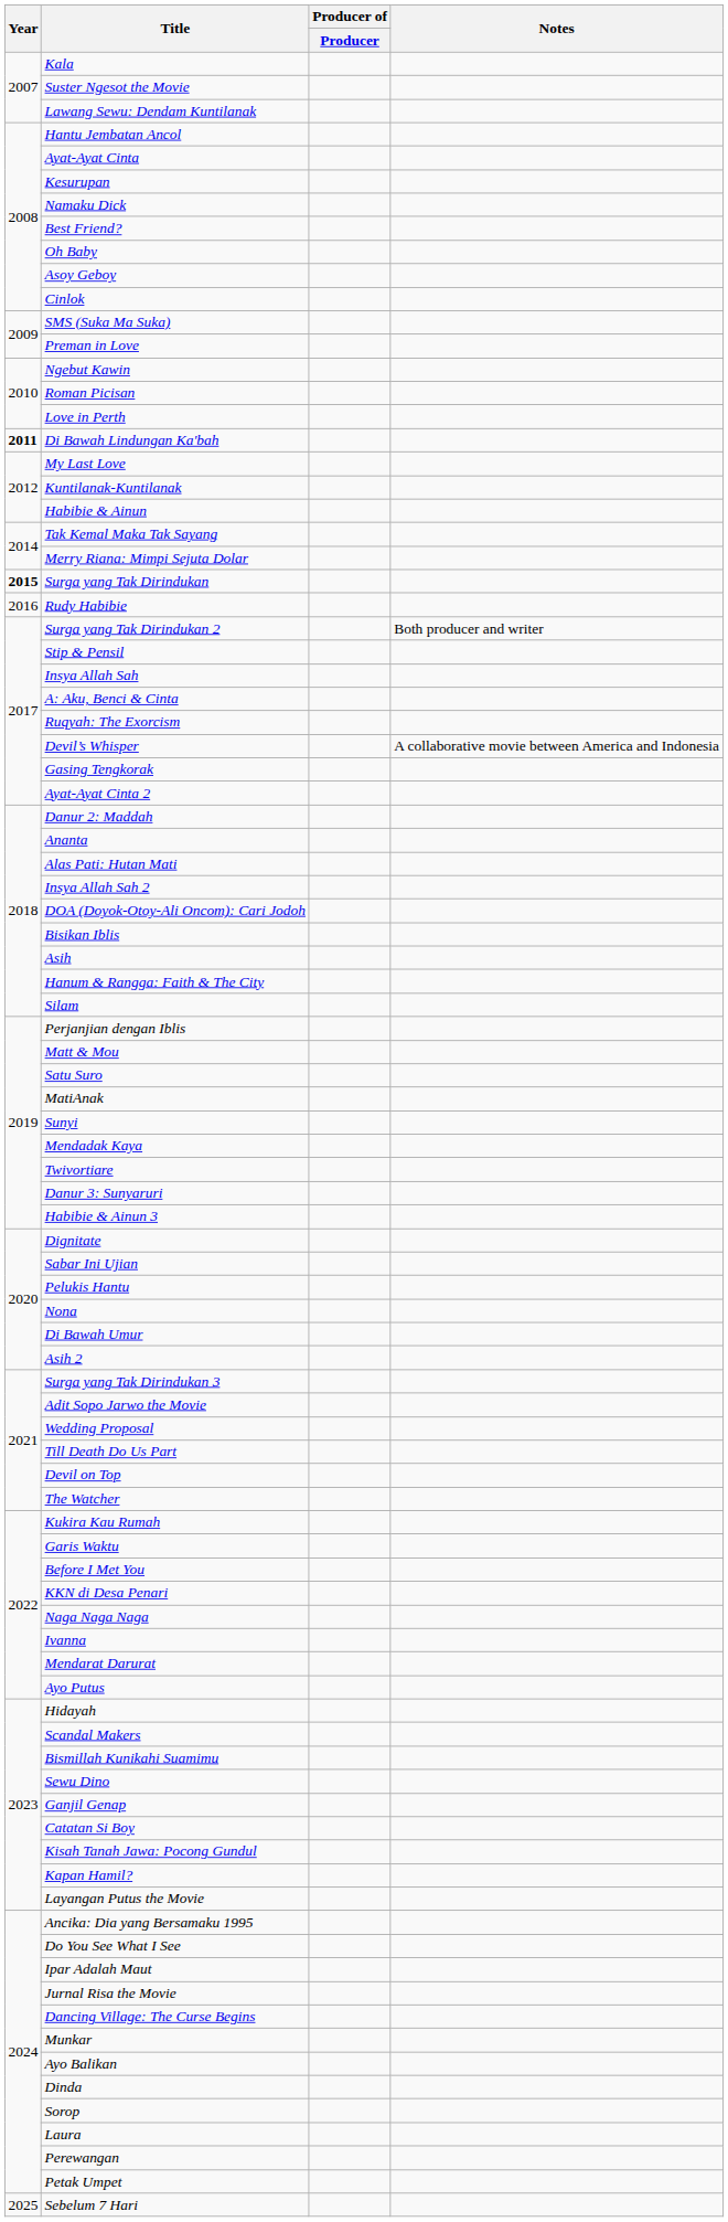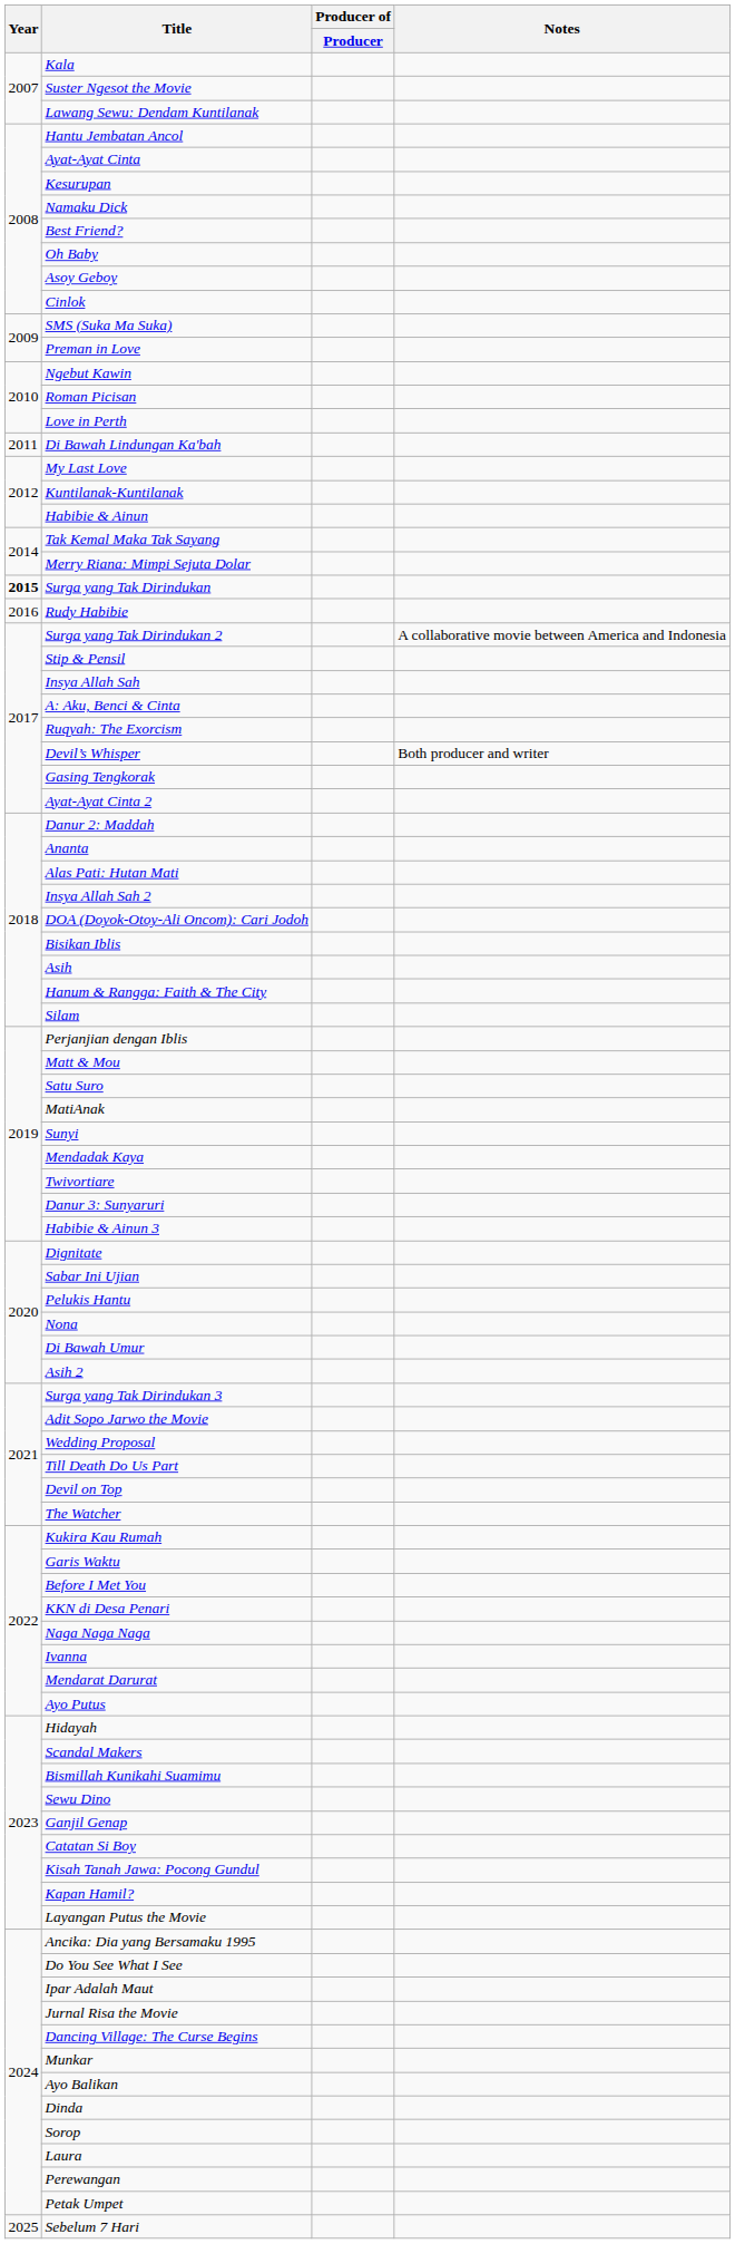 <table class="wikitable plainrowheaders sortable">
 <tr>
 <th rowspan="2" scope="col">Year</th>
 <th rowspan="2" scope="col">Title</th>
 <th scope="col">Producer of</th>
 <th rowspan="2" scope="col" class="unsortable">Notes</th>
 </tr>
 <tr>
 <th><a href='#'>Producer</a></th>
 </tr>
 <tr>
 <td rowspan="3">2007</td>
 <td><em><a href='#'>Kala</a></em></td>
 <td></td>
 <td></td>
 </tr>
 <tr>
 <td><em><a href='#'>Suster Ngesot the Movie</a></em></td>
 <td></td>
 <td></td>
 </tr>
 <tr>
 <td><em><a href='#'>Lawang Sewu: Dendam Kuntilanak</a></em></td>
 <td></td>
 <td></td>
 </tr>
 <tr>
 <td rowspan="8">2008</td>
 <td><em><a href='#'>Hantu Jembatan Ancol</a></em></td>
 <td></td>
 <td></td>
 </tr>
 <tr>
 <td><em><a href='#'>Ayat-Ayat Cinta</a></em></td>
 <td></td>
 <td></td>
 </tr>
 <tr>
 <td><em><a href='#'>Kesurupan</a></em></td>
 <td></td>
 <td></td>
 </tr>
 <tr>
 <td><em><a href='#'>Namaku Dick</a></em></td>
 <td></td>
 <td></td>
 </tr>
 <tr>
 <td><em><a href='#'>Best Friend?</a></em></td>
 <td></td>
 <td></td>
 </tr>
 <tr>
 <td><em><a href='#'>Oh Baby</a></em></td>
 <td></td>
 <td></td>
 </tr>
 <tr>
 <td><em><a href='#'>Asoy Geboy</a></em></td>
 <td></td>
 <td></td>
 </tr>
 <tr>
 <td><em><a href='#'>Cinlok</a></em></td>
 <td></td>
 <td></td>
 </tr>
 <tr>
 <td rowspan="2">2009</td>
 <td><em><a href='#'>SMS (Suka Ma Suka)</a></em></td>
 <td></td>
 <td></td>
 </tr>
 <tr>
 <td><em><a href='#'>Preman in Love</a></em></td>
 <td></td>
 <td></td>
 </tr>
 <tr>
 <td rowspan="3">2010</td>
 <td><em><a href='#'>Ngebut Kawin</a></em></td>
 <td></td>
 <td></td>
 </tr>
 <tr>
 <td><em><a href='#'>Roman Picisan</a></em></td>
 <td></td>
 <td></td>
 </tr>
 <tr>
 <td><em><a href='#'>Love in Perth</a></em></td>
 <td></td>
 <td></td>
 </tr>
 <tr>
-<td><strong>2011</strong></td>
+<td>2011</td>
 <td><em><a href='#'>Di Bawah Lindungan Ka'bah</a></em></td>
 <td></td>
 <td></td>
 </tr>
 <tr>
 <td rowspan="3">2012</td>
 <td><em><a href='#'>My Last Love</a></em></td>
 <td></td>
 <td></td>
 </tr>
 <tr>
 <td><em><a href='#'>Kuntilanak-Kuntilanak</a></em></td>
 <td></td>
 <td></td>
 </tr>
 <tr>
 <td><em><a href='#'>Habibie & Ainun</a></em></td>
 <td></td>
 <td></td>
 </tr>
 <tr>
 <td rowspan="2">2014</td>
 <td><em><a href='#'>Tak Kemal Maka Tak Sayang</a></em></td>
 <td></td>
 <td></td>
 </tr>
 <tr>
 <td><em><a href='#'>Merry Riana: Mimpi Sejuta Dolar</a></em></td>
 <td></td>
 <td></td>
 </tr>
 <tr>
 <td><strong>2015</strong></td>
 <td><em><a href='#'>Surga yang Tak Dirindukan</a></em></td>
 <td></td>
 <td></td>
 </tr>
 <tr>
 <td>2016</td>
 <td><em><a href='#'>Rudy Habibie</a></em></td>
 <td></td>
 <td></td>
 </tr>
 <tr>
 <td rowspan="8">2017</td>
 <td><em><a href='#'>Surga yang Tak Dirindukan 2</a></em></td>
 <td></td>
-<td>Both producer and writer</td>
+<td>A collaborative movie between America and Indonesia</td>
 </tr>
 <tr>
 <td><em><a href='#'>Stip & Pensil</a></em></td>
 <td></td>
 <td></td>
 </tr>
 <tr>
 <td><em><a href='#'>Insya Allah Sah</a></em></td>
 <td></td>
 <td></td>
 </tr>
 <tr>
 <td><em><a href='#'>A: Aku, Benci & Cinta</a></em></td>
 <td></td>
 <td></td>
 </tr>
 <tr>
 <td><em><a href='#'>Ruqyah: The Exorcism</a></em></td>
 <td></td>
 <td></td>
 </tr>
 <tr>
 <td><em><a href='#'>Devil’s Whisper</a></em></td>
 <td></td>
-<td>A collaborative movie between America and Indonesia</td>
+<td>Both producer and writer</td>
 </tr>
 <tr>
 <td><em><a href='#'>Gasing Tengkorak</a></em></td>
 <td></td>
 <td></td>
 </tr>
 <tr>
 <td><em><a href='#'>Ayat-Ayat Cinta 2</a></em></td>
 <td></td>
 <td></td>
 </tr>
 <tr>
 <td rowspan="9">2018</td>
 <td><em><a href='#'>Danur 2: Maddah</a></em></td>
 <td></td>
 <td></td>
 </tr>
 <tr>
 <td><em><a href='#'>Ananta</a></em></td>
 <td></td>
 <td></td>
 </tr>
 <tr>
 <td><em><a href='#'>Alas Pati: Hutan Mati</a></em></td>
 <td></td>
 <td></td>
 </tr>
 <tr>
 <td><em><a href='#'>Insya Allah Sah 2</a></em></td>
 <td></td>
 <td></td>
 </tr>
 <tr>
 <td><em><a href='#'>DOA (Doyok-Otoy-Ali Oncom): Cari Jodoh</a></em></td>
 <td></td>
 <td></td>
 </tr>
 <tr>
 <td><em><a href='#'>Bisikan Iblis</a></em></td>
 <td></td>
 <td></td>
 </tr>
 <tr>
 <td><em><a href='#'>Asih</a></em></td>
 <td></td>
 <td></td>
 </tr>
 <tr>
 <td><em><a href='#'>Hanum & Rangga: Faith & The City</a></em></td>
 <td></td>
 <td></td>
 </tr>
 <tr>
 <td><em><a href='#'>Silam</a></em></td>
 <td></td>
 <td></td>
 </tr>
 <tr>
 <td rowspan="9">2019</td>
 <td><em>Perjanjian dengan Iblis</em></td>
 <td></td>
 <td></td>
 </tr>
 <tr>
 <td><em><a href='#'>Matt & Mou</a></em></td>
 <td></td>
 <td></td>
 </tr>
 <tr>
 <td><em><a href='#'>Satu Suro</a></em></td>
 <td></td>
 <td></td>
 </tr>
 <tr>
 <td><em>MatiAnak</em></td>
 <td></td>
 <td></td>
 </tr>
 <tr>
 <td><em><a href='#'>Sunyi</a></em></td>
 <td></td>
 <td></td>
 </tr>
 <tr>
 <td><em><a href='#'>Mendadak Kaya</a></em></td>
 <td></td>
 <td></td>
 </tr>
 <tr>
 <td><em><a href='#'>Twivortiare</a></em></td>
 <td></td>
 <td></td>
 </tr>
 <tr>
 <td><em><a href='#'>Danur 3: Sunyaruri</a></em></td>
 <td></td>
 <td></td>
 </tr>
 <tr>
 <td><em><a href='#'>Habibie & Ainun 3</a></em></td>
 <td></td>
 <td></td>
 </tr>
 <tr>
 <td rowspan="6">2020</td>
 <td><em><a href='#'>Dignitate</a></em></td>
 <td></td>
 <td></td>
 </tr>
 <tr>
 <td><em><a href='#'>Sabar Ini Ujian</a></em></td>
 <td></td>
 <td></td>
 </tr>
 <tr>
 <td><em><a href='#'>Pelukis Hantu</a></em></td>
 <td></td>
 <td></td>
 </tr>
 <tr>
 <td><em><a href='#'>Nona</a></em></td>
 <td></td>
 <td></td>
 </tr>
 <tr>
 <td><em><a href='#'>Di Bawah Umur</a></em></td>
 <td></td>
 <td></td>
 </tr>
 <tr>
 <td><em><a href='#'>Asih 2</a></em></td>
 <td></td>
 <td></td>
 </tr>
 <tr>
 <td rowspan="6">2021</td>
 <td><em><a href='#'>Surga yang Tak Dirindukan 3</a></em></td>
 <td></td>
 <td></td>
 </tr>
 <tr>
 <td><em><a href='#'>Adit Sopo Jarwo the Movie</a></em></td>
 <td></td>
 <td></td>
 </tr>
 <tr>
 <td><em><a href='#'>Wedding Proposal</a></em></td>
 <td></td>
 <td></td>
 </tr>
 <tr>
 <td><em><a href='#'>Till Death Do Us Part</a></em></td>
 <td></td>
 <td></td>
 </tr>
 <tr>
 <td><em><a href='#'>Devil on Top</a></em></td>
 <td></td>
 <td></td>
 </tr>
 <tr>
 <td><em><a href='#'>The Watcher</a></em></td>
 <td></td>
 <td></td>
 </tr>
 <tr>
 <td rowspan="8">2022</td>
 <td><em><a href='#'>Kukira Kau Rumah</a></em></td>
 <td></td>
 <td></td>
 </tr>
 <tr>
 <td><em><a href='#'>Garis Waktu</a></em></td>
 <td></td>
 <td></td>
 </tr>
 <tr>
 <td><em><a href='#'>Before I Met You</a></em></td>
 <td></td>
 <td></td>
 </tr>
 <tr>
 <td><em><a href='#'>KKN di Desa Penari</a></em></td>
 <td></td>
 <td></td>
 </tr>
 <tr>
 <td><em><a href='#'>Naga Naga Naga</a></em></td>
 <td></td>
 <td></td>
 </tr>
 <tr>
 <td><em><a href='#'>Ivanna</a></em></td>
 <td></td>
 <td></td>
 </tr>
 <tr>
 <td><em><a href='#'>Mendarat Darurat</a></em></td>
 <td></td>
 <td></td>
 </tr>
 <tr>
 <td><em><a href='#'>Ayo Putus</a></em></td>
 <td></td>
 <td></td>
 </tr>
 <tr>
 <td rowspan="9">2023</td>
 <td><em>Hidayah</em></td>
 <td></td>
 <td></td>
 </tr>
 <tr>
 <td><em><a href='#'>Scandal Makers</a></em></td>
 <td></td>
 <td></td>
 </tr>
 <tr>
 <td><em><a href='#'>Bismillah Kunikahi Suamimu</a></em></td>
 <td></td>
 <td></td>
 </tr>
 <tr>
 <td><em><a href='#'>Sewu Dino</a></em></td>
 <td></td>
 <td></td>
 </tr>
 <tr>
 <td><em><a href='#'>Ganjil Genap</a></em></td>
 <td></td>
 <td></td>
 </tr>
 <tr>
 <td><em><a href='#'>Catatan Si Boy</a></em></td>
 <td></td>
 <td></td>
 </tr>
 <tr>
 <td><em><a href='#'>Kisah Tanah Jawa: Pocong Gundul</a></em></td>
 <td></td>
 <td></td>
 </tr>
 <tr>
 <td><em><a href='#'>Kapan Hamil?</a></em></td>
 <td></td>
 <td></td>
 </tr>
 <tr>
 <td><em>Layangan Putus the Movie</em></td>
 <td></td>
 <td></td>
 </tr>
 <tr>
 <td rowspan="12">2024</td>
 <td><em>Ancika: Dia yang Bersamaku 1995</em></td>
 <td></td>
 <td></td>
 </tr>
 <tr>
 <td><em>Do You See What I See</em></td>
 <td></td>
 <td></td>
 </tr>
 <tr>
 <td><em>Ipar Adalah Maut</em></td>
 <td></td>
 <td></td>
 </tr>
 <tr>
 <td><em>Jurnal Risa the Movie</em></td>
 <td></td>
 <td></td>
 </tr>
 <tr>
 <td><em><a href='#'>Dancing Village: The Curse Begins</a></em></td>
 <td></td>
 <td></td>
 </tr>
 <tr>
 <td><em>Munkar</em></td>
 <td></td>
 <td></td>
 </tr>
 <tr>
 <td><em>Ayo Balikan</em></td>
 <td></td>
 <td></td>
 </tr>
 <tr>
 <td><em>Dinda</em></td>
 <td></td>
 <td></td>
 </tr>
 <tr>
 <td><em>Sorop</em></td>
 <td></td>
 <td></td>
 </tr>
 <tr>
 <td><em>Laura</em></td>
 <td></td>
 <td></td>
 </tr>
 <tr>
 <td><em>Perewangan</em></td>
 <td></td>
 <td></td>
 </tr>
 <tr>
 <td><em>Petak Umpet</em></td>
 <td></td>
 <td></td>
 </tr>
 <tr>
 <td>2025</td>
 <td><em>Sebelum 7 Hari</em></td>
 <td></td>
 <td></td>
 </tr>
 </table>
